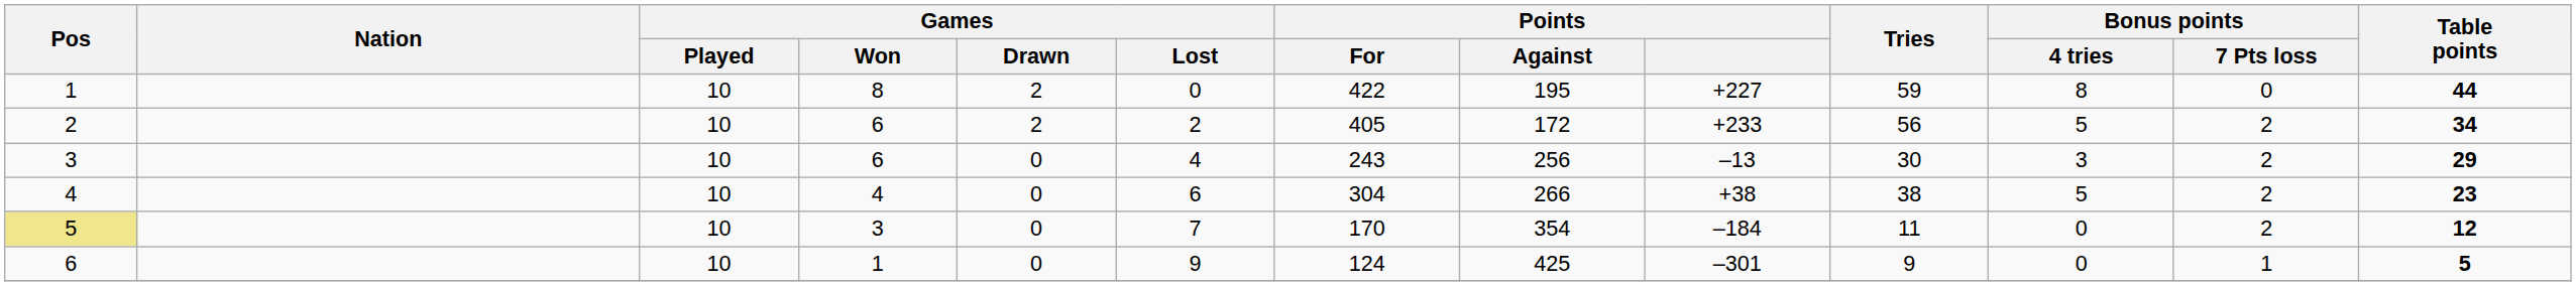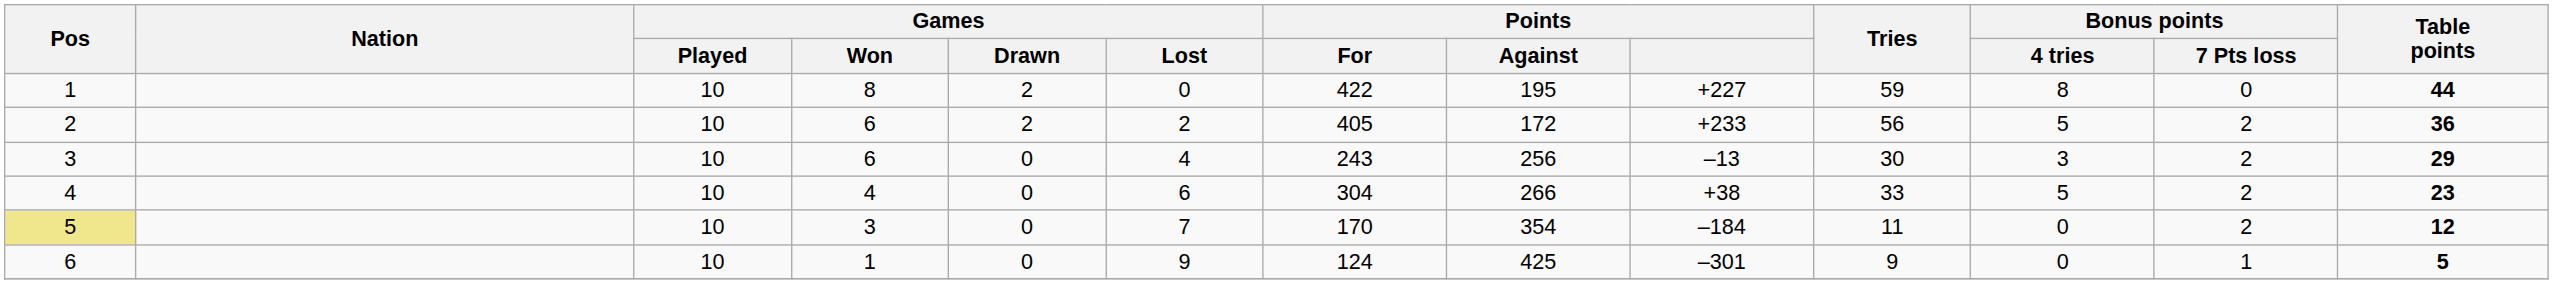 <table class="wikitable" style="text-align:center; width:95%">
 <tr>
 <th rowspan="2" style="width:5%">Pos</th>
 <th rowspan="2" style="width:19%">Nation</th>
 <th colspan="4" style="width:28%">Games</th>
 <th colspan="3" style="width:18%">Points</th>
 <th rowspan="2" style="width:6%">Tries</th>
 <th colspan="2" style="width:15%">Bonus points</th>
 <th rowspan="2" style="width:8%">Table<br>points</th>
 </tr>
 <tr>
 <th style="width:6%">Played</th>
 <th style="width:6%">Won</th>
 <th style="width:6%">Drawn</th>
 <th style="width:6%">Lost</th>
 <th style="width:7%">For</th>
 <th style="width:7%">Against</th>
 <th style="width:7%"></th>
 <th style="width:7%">4 tries</th>
 <th style="width:7%">7 Pts loss</th>
 </tr>
 <tr>
 <td>1</td>
 <td align="left"></td>
 <td>10</td>
 <td>8</td>
 <td>2</td>
 <td>0</td>
 <td>422</td>
 <td>195</td>
 <td>+227</td>
 <td>59</td>
 <td>8</td>
 <td>0</td>
 <td><strong>44</strong></td>
 </tr>
 <tr>
 <td>2</td>
 <td align="left"></td>
 <td>10</td>
 <td>6</td>
 <td>2</td>
 <td>2</td>
 <td>405</td>
 <td>172</td>
 <td>+233</td>
 <td>56</td>
 <td>5</td>
 <td>2</td>
-<td><strong>34</strong></td>
+<td><strong>36</strong></td>
 </tr>
 <tr>
 <td>3</td>
 <td align="left"></td>
 <td>10</td>
 <td>6</td>
 <td>0</td>
 <td>4</td>
 <td>243</td>
 <td>256</td>
 <td>–13</td>
 <td>30</td>
 <td>3</td>
 <td>2</td>
 <td><strong>29</strong></td>
 </tr>
 <tr>
 <td>4</td>
 <td align="left"></td>
 <td>10</td>
 <td>4</td>
 <td>0</td>
 <td>6</td>
 <td>304</td>
 <td>266</td>
 <td>+38</td>
-<td>38</td>
+<td>33</td>
 <td>5</td>
 <td>2</td>
 <td><strong>23</strong></td>
 </tr>
 <tr>
 <td style="background: khaki;">5</td>
 <td align="left"></td>
 <td>10</td>
 <td>3</td>
 <td>0</td>
 <td>7</td>
 <td>170</td>
 <td>354</td>
 <td>–184</td>
 <td>11</td>
 <td>0</td>
 <td>2</td>
 <td><strong>12</strong></td>
 </tr>
 <tr>
 <td>6</td>
 <td align="left"></td>
 <td>10</td>
 <td>1</td>
 <td>0</td>
 <td>9</td>
 <td>124</td>
 <td>425</td>
 <td>–301</td>
 <td>9</td>
 <td>0</td>
 <td>1</td>
 <td><strong>5</strong></td>
 </tr>
 <tr>
 </tr>
 </table>
